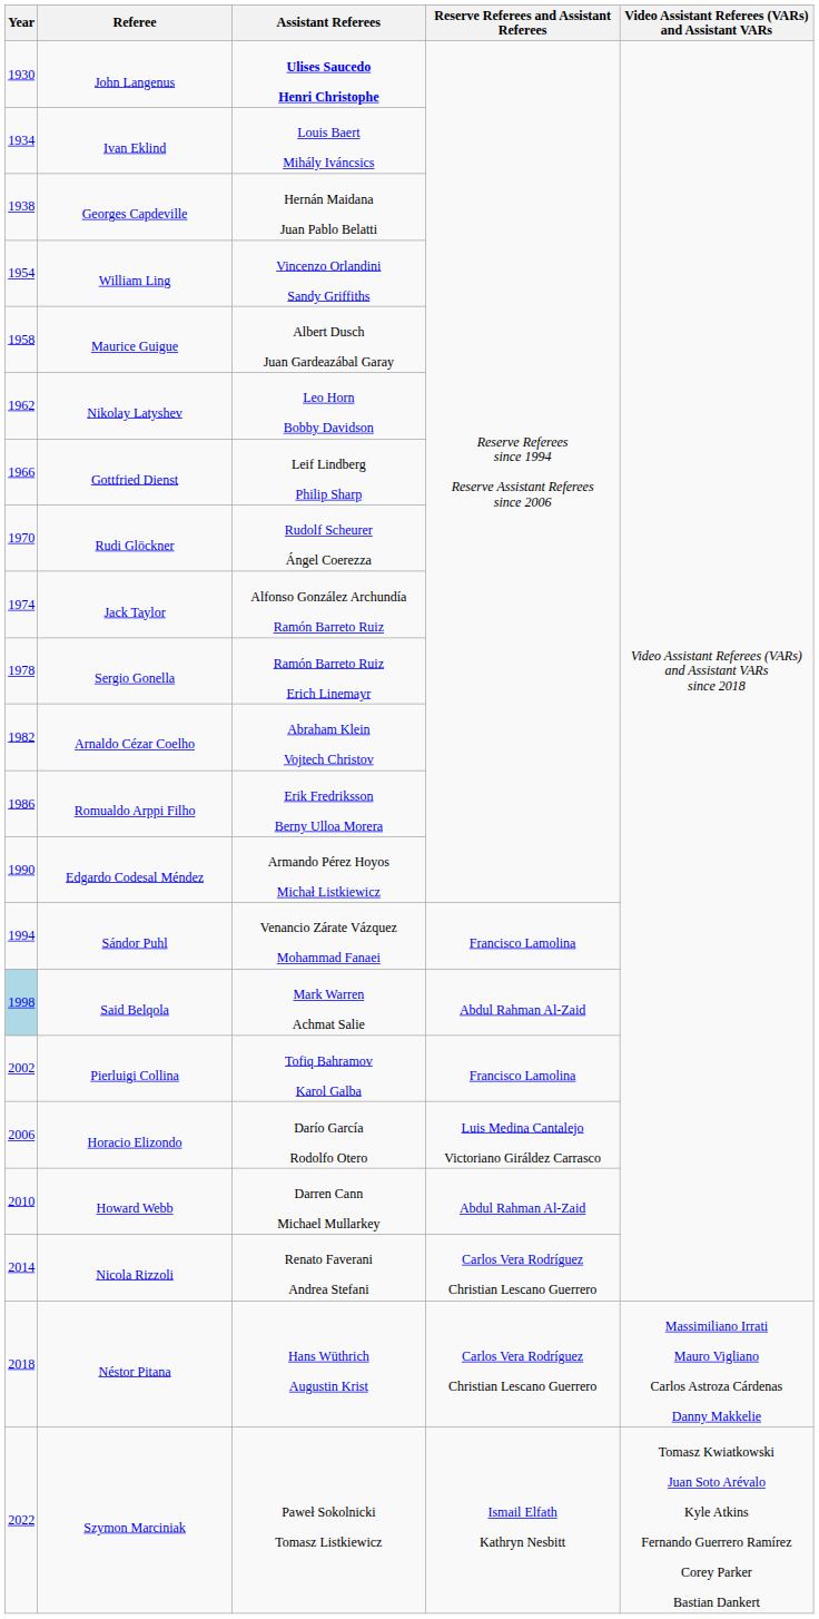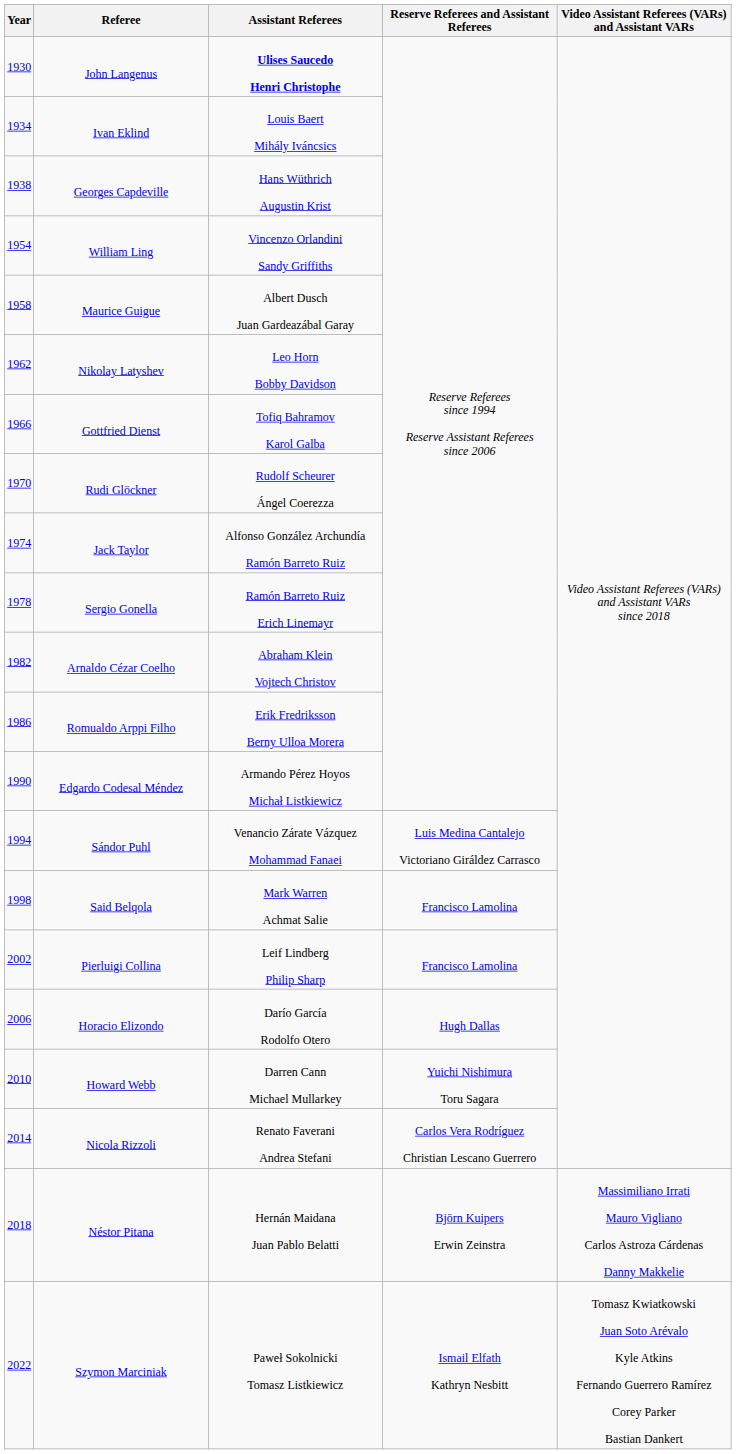 <table class="wikitable sortable">
 <tr>
 <th style="width:25px">Year</th>
 <th style="width:225px">Referee</th>
 <th style="width:225px">Assistant Referees</th>
 <th style="width:225px">Reserve Referees and Assistant Referees</th>
 <th style="width:225px">Video Assistant Referees (VARs) and Assistant VARs</th>
 </tr>
 <tr>
 <td style="text-align:center"><a href='#'>1930</a><br></td>
 <td style="text-align:center"><br><a href='#'>John Langenus</a></td>
 <td style="text-align:center;"><strong><br><a href='#'>Ulises Saucedo</a><br><br><a href='#'>Henri Christophe</a></strong></td>
 <td rowspan=13 style="text-align:center"><em>Reserve Referees<br>since 1994</em><br><br><em>Reserve Assistant Referees<br>since 2006</em></td>
 <td rowspan="19" style="text-align:center"><em>Video Assistant Referees (VARs) and Assistant VARs<br>since 2018</em></td>
 </tr>
 <tr>
 <td style="text-align:center"><a href='#'>1934</a><br></td>
 <td style="text-align:center"><br><a href='#'>Ivan Eklind</a></td>
 <td style="text-align:center"><br><a href='#'>Louis Baert</a><br><br><a href='#'>Mihály Iváncsics</a></td>
 </tr>
 <tr>
 <td style="text-align:center"><a href='#'>1938</a><br></td>
 <td style="text-align:center"><br><a href='#'>Georges Capdeville</a></td>
-<td style="text-align:center"><br>Hernán Maidana<br><br>Juan Pablo Belatti</td>
+<td style="text-align:center"><br><a href='#'>Hans Wüthrich</a><br><br><a href='#'>Augustin Krist</a></td>
 </tr>
 <tr>
 <td style="text-align:center"><a href='#'>1954</a><br></td>
 <td style="text-align:center"><br><a href='#'>William Ling</a></td>
 <td style="text-align:center"><br><a href='#'>Vincenzo Orlandini</a><br><br><a href='#'>Sandy Griffiths</a></td>
 </tr>
 <tr>
 <td style="text-align:center"><a href='#'>1958</a><br></td>
 <td style="text-align:center"><br><a href='#'>Maurice Guigue</a></td>
 <td style="text-align:center"><br>Albert Dusch<br><br>Juan Gardeazábal Garay</td>
 </tr>
 <tr>
 <td style="text-align:center"><a href='#'>1962</a><br></td>
 <td style="text-align:center"><br><a href='#'>Nikolay Latyshev</a></td>
 <td style="text-align:center"><br><a href='#'>Leo Horn</a><br><br><a href='#'>Bobby Davidson</a></td>
 </tr>
 <tr>
 <td style="text-align:center"><a href='#'>1966</a><br></td>
 <td style="text-align:center"><br><a href='#'>Gottfried Dienst</a></td>
-<td style="text-align:center"><br>Leif Lindberg<br><br><a href='#'>Philip Sharp</a></td>
+<td style="text-align:center"><br><a href='#'>Tofiq Bahramov</a><br><br><a href='#'>Karol Galba</a></td>
 </tr>
 <tr>
 <td style="text-align:center"><a href='#'>1970</a><br></td>
 <td style="text-align:center"><br><a href='#'>Rudi Glöckner</a></td>
 <td style="text-align:center"><br><a href='#'>Rudolf Scheurer</a><br><br>Ángel Coerezza</td>
 </tr>
 <tr>
 <td style="text-align:center"><a href='#'>1974</a><br></td>
 <td style="text-align:center"><br><a href='#'>Jack Taylor</a></td>
 <td style="text-align:center"><br>Alfonso González Archundía<br><br><a href='#'>Ramón Barreto Ruiz</a></td>
 </tr>
 <tr>
 <td style="text-align:center"><a href='#'>1978</a><br></td>
 <td style="text-align:center"><br><a href='#'>Sergio Gonella</a></td>
 <td style="text-align:center"><br><a href='#'>Ramón Barreto Ruiz</a><br><br><a href='#'>Erich Linemayr</a></td>
 </tr>
 <tr>
 <td style="text-align:center"><a href='#'>1982</a><br></td>
 <td style="text-align:center"><br><a href='#'>Arnaldo Cézar Coelho</a></td>
 <td style="text-align:center"><br><a href='#'>Abraham Klein</a><br><br><a href='#'>Vojtech Christov</a></td>
 </tr>
 <tr>
 <td style="text-align:center"><a href='#'>1986</a><br></td>
 <td style="text-align:center"><br><a href='#'>Romualdo Arppi Filho</a></td>
 <td style="text-align:center"><br><a href='#'>Erik Fredriksson</a><br><br><a href='#'>Berny Ulloa Morera</a></td>
 </tr>
 <tr>
 <td style="text-align:center"><a href='#'>1990</a><br></td>
 <td style="text-align:center"><br><a href='#'>Edgardo Codesal Méndez</a></td>
 <td style="text-align:center"><br>Armando Pérez Hoyos<br><br><a href='#'>Michał Listkiewicz</a></td>
 </tr>
 <tr>
 <td style="text-align:center"><a href='#'>1994</a><br></td>
 <td style="text-align:center"><br><a href='#'>Sándor Puhl</a></td>
 <td style="text-align:center"><br>Venancio Zárate Vázquez<br><br><a href='#'>Mohammad Fanaei</a></td>
-<td style="text-align:center"><br><a href='#'>Francisco Lamolina</a></td>
+<td style="text-align:center"><br><a href='#'>Luis Medina Cantalejo</a><br><br>Victoriano Giráldez Carrasco</td>
 </tr>
 <tr>
-<td style="background: lightblue; text-align:center"><a href='#'>1998</a><br></td>
+<td style="text-align:center"><a href='#'>1998</a><br></td>
 <td style="text-align:center"><br><a href='#'>Said Belqola</a></td>
 <td style="text-align:center"><br><a href='#'>Mark Warren</a><br><br>Achmat Salie</td>
-<td style="text-align:center"><br><a href='#'>Abdul Rahman Al-Zaid</a></td>
+<td style="text-align:center"><br><a href='#'>Francisco Lamolina</a></td>
 </tr>
 <tr>
 <td style="text-align:center"><a href='#'>2002</a><br></td>
 <td style="text-align:center"><br><a href='#'>Pierluigi Collina</a></td>
-<td style="text-align:center"><br><a href='#'>Tofiq Bahramov</a><br><br><a href='#'>Karol Galba</a></td>
+<td style="text-align:center"><br>Leif Lindberg<br><br><a href='#'>Philip Sharp</a></td>
 <td style="text-align:center"><br><a href='#'>Francisco Lamolina</a></td>
 </tr>
 <tr>
 <td style="text-align:center"><a href='#'>2006</a><br></td>
 <td style="text-align:center"><br><a href='#'>Horacio Elizondo</a></td>
 <td style="text-align:center"><br>Darío García<br><br>Rodolfo Otero</td>
-<td style="text-align:center"><br><a href='#'>Luis Medina Cantalejo</a><br><br>Victoriano Giráldez Carrasco</td>
+<td style="text-align:center"><br><a href='#'>Hugh Dallas</a></td>
 </tr>
 <tr>
 <td style="text-align:center"><a href='#'>2010</a><br></td>
 <td style="text-align:center"><br><a href='#'>Howard Webb</a></td>
 <td style="text-align:center"><br>Darren Cann<br><br>Michael Mullarkey</td>
-<td style="text-align:center"><br><a href='#'>Abdul Rahman Al-Zaid</a></td>
+<td style="text-align:center"><br><a href='#'>Yuichi Nishimura</a><br><br>Toru Sagara</td>
 </tr>
 <tr>
 <td style="text-align:center"><a href='#'>2014</a><br></td>
 <td style="text-align:center"><br><a href='#'>Nicola Rizzoli</a></td>
 <td style="text-align:center"><br>Renato Faverani<br><br>Andrea Stefani</td>
 <td style="text-align:center"><br><a href='#'>Carlos Vera Rodríguez</a><br><br>Christian Lescano Guerrero</td>
 </tr>
 <tr>
 <td style="text-align:center"><a href='#'>2018</a><br></td>
 <td style="text-align:center"><br><a href='#'>Néstor Pitana</a></td>
-<td style="text-align:center"><br><a href='#'>Hans Wüthrich</a><br><br><a href='#'>Augustin Krist</a></td>
-<td style="text-align:center"><br><a href='#'>Carlos Vera Rodríguez</a><br><br>Christian Lescano Guerrero</td>
+<td style="text-align:center"><br>Hernán Maidana<br><br>Juan Pablo Belatti</td>
+<td style="text-align:center"><br><a href='#'>Björn Kuipers</a><br><br>Erwin Zeinstra</td>
 <td style="text-align:center"><br><a href='#'>Massimiliano Irrati</a><br><br><a href='#'>Mauro Vigliano</a><br><br>Carlos Astroza Cárdenas<br><br><a href='#'>Danny Makkelie</a></td>
 </tr>
 <tr>
 <td style="text-align:center"><a href='#'>2022</a><br></td>
 <td style="text-align:center"><br><a href='#'>Szymon Marciniak</a></td>
 <td style="text-align:center"><br>Paweł Sokolnicki<br><br>Tomasz Listkiewicz</td>
 <td style="text-align:center"><br><a href='#'>Ismail Elfath</a><br><br>Kathryn Nesbitt</td>
 <td style="text-align:center"><br>Tomasz Kwiatkowski<br><br><a href='#'>Juan Soto Arévalo</a><br><br>Kyle Atkins<br><br>Fernando Guerrero Ramírez<br><br>Corey Parker<br><br>Bastian Dankert</td>
 </tr>
 </table>
